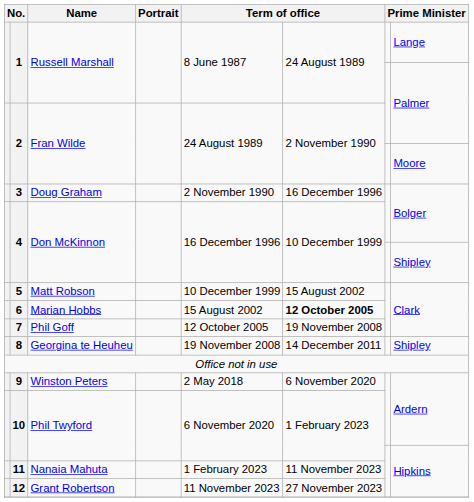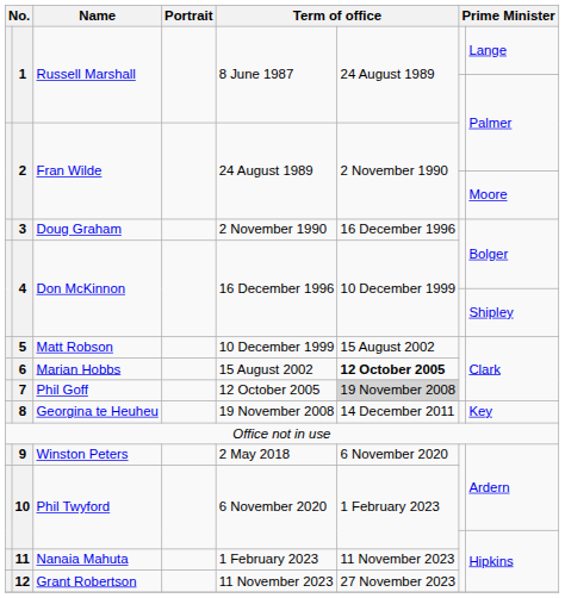 <table class="wikitable">
 <tr>
 <th colspan="2">No.</th>
 <th>Name</th>
 <th>Portrait</th>
 <th colspan="2">Term of office</th>
 <th colspan="2">Prime Minister</th>
 </tr>
 <tr>
 <th height=50 style="border-bottom:solid 0 grey; background:"></th>
 <th rowspan=2>1</th>
 <td rowspan=2><a href='#'>Russell Marshall</a></td>
 <td rowspan=2></td>
 <td rowspan=2>8 June 1987</td>
 <td rowspan=2>24 August 1989</td>
 <td style="color:inherit;background:"></td>
 <td><a href='#'>Lange</a></td>
 </tr>
 <tr>
 <th height=50 style="border-top:solid 0 grey; background:"></th>
 <td rowspan=2 style="color:inherit;background:"></td>
 <td rowspan=2><a href='#'>Palmer</a></td>
 </tr>
 <tr>
 <th height=50 style="border-bottom:solid 0 grey; background:"></th>
 <th rowspan=2>2</th>
 <td rowspan=2><a href='#'>Fran Wilde</a></td>
 <td rowspan=2></td>
 <td rowspan=2>24 August 1989</td>
 <td rowspan=2>2 November 1990</td>
 </tr>
 <tr>
 <th height=50 style="border-top:solid 0 grey; background:"></th>
 <td width=1 style="color:inherit;background:"></td>
 <td><a href='#'>Moore</a></td>
 </tr>
 <tr>
 <th style="color:inherit;background:"></th>
 <th>3</th>
 <td><a href='#'>Doug Graham</a></td>
 <td></td>
 <td>2 November 1990</td>
 <td>16 December 1996</td>
 <td rowspan="2" style="color:inherit;background:"></td>
 <td rowspan="2"><a href='#'>Bolger</a></td>
 </tr>
 <tr>
 <th height=50 style="border-bottom:solid 0 grey; background:"></th>
 <th rowspan="2">4</th>
 <td rowspan="2"><a href='#'>Don McKinnon</a></td>
 <td rowspan="2"></td>
 <td rowspan="2">16 December 1996</td>
 <td rowspan="2">10 December 1999</td>
 </tr>
 <tr>
 <th height=50 style="border-top:solid 0 grey; background:"></th>
 <td style="color:inherit;background:"></td>
 <td><a href='#'>Shipley</a></td>
 </tr>
 <tr>
 <th height=15 style="border-bottom:solid 0 grey; background:"></th>
 <th>5</th>
 <td><a href='#'>Matt Robson</a></td>
 <td></td>
 <td>10 December 1999</td>
 <td>15 August 2002</td>
 <td rowspan=3 style="color:inherit;background:"></td>
 <td rowspan=3><a href='#'>Clark</a></td>
 </tr>
 <tr>
 <th style="color:inherit;background:"></th>
 <th>6</th>
 <td><a href='#'>Marian Hobbs</a></td>
 <td></td>
 <td>15 August 2002</td>
 <td><strong>12 October 2005</strong></td>
 </tr>
 <tr>
 <th style="color:inherit;background:"></th>
 <th>7</th>
 <td><a href='#'>Phil Goff</a></td>
 <td></td>
 <td>12 October 2005</td>
-<td>19 November 2008</td>
+<td style="background: lightgrey;">19 November 2008</td>
 </tr>
 <tr>
 <th style="color:inherit;background:"></th>
 <th>8</th>
 <td><a href='#'>Georgina te Heuheu</a></td>
 <td></td>
 <td>19 November 2008</td>
 <td>14 December 2011</td>
 <td style="color:inherit;background:"></td>
-<td><a href='#'>Shipley</a></td>
+<td><a href='#'>Key</a></td>
 </tr>
 <tr>
 <td colspan=8 align=center><em>Office not in use</em></td>
 </tr>
 <tr>
 <th style="color:inherit;background:"></th>
 <th>9</th>
 <td><a href='#'>Winston Peters</a></td>
 <td></td>
 <td>2 May 2018</td>
 <td>6 November 2020</td>
 <td rowspan=2 height=15 style="border-top:solid 0 gray; background:"></td>
 <td rowspan=2><a href='#'>Ardern</a></td>
 </tr>
 <tr>
 <th height=70 style="border-bottom:solid 0 grey; background:"></th>
 <th rowspan=2>10</th>
 <td rowspan=2><a href='#'>Phil Twyford</a></td>
 <td rowspan=2></td>
 <td rowspan=2>6 November 2020</td>
 <td rowspan=2>1 February 2023</td>
 </tr>
 <tr>
 <th height=15 style="border-top:solid 0 grey; background:"></th>
 <td rowspan=3 style="color:inherit;background:"></td>
 <td rowspan=3><a href='#'>Hipkins</a></td>
 </tr>
 <tr>
 <th style="color:inherit;background:"></th>
 <th>11</th>
 <td><a href='#'>Nanaia Mahuta</a></td>
 <td></td>
 <td>1 February 2023</td>
 <td>11 November 2023</td>
 </tr>
 <tr>
 <th style="color:inherit;background:"></th>
 <th>12</th>
 <td><a href='#'>Grant Robertson</a></td>
 <td></td>
 <td>11 November 2023</td>
 <td>27 November 2023</td>
 </tr>
 <tr>
 </tr>
 </table>
